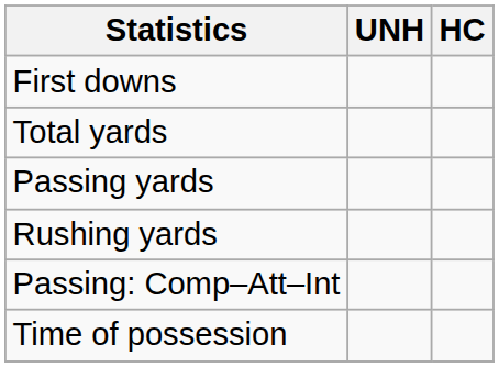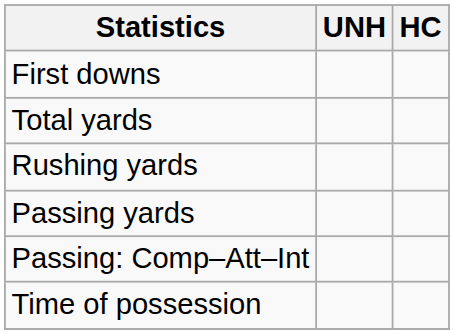 <table class="wikitable" style="float: left;">
 <tr>
 <th>Statistics</th>
 <th>UNH</th>
 <th>HC</th>
 </tr>
 <tr>
 <td>First downs</td>
 <td></td>
 <td></td>
 </tr>
 <tr>
 <td>Total yards</td>
 <td></td>
 <td></td>
 </tr>
 <tr>
-<td>Passing yards</td>
+<td>Rushing yards</td>
 <td></td>
 <td></td>
 </tr>
 <tr>
-<td>Rushing yards</td>
+<td>Passing yards</td>
 <td></td>
 <td></td>
 </tr>
 <tr>
 <td>Passing: Comp–Att–Int</td>
 <td></td>
 <td></td>
 </tr>
 <tr>
 <td>Time of possession</td>
 <td></td>
 <td></td>
 </tr>
 <tr>
 </tr>
 </table>
